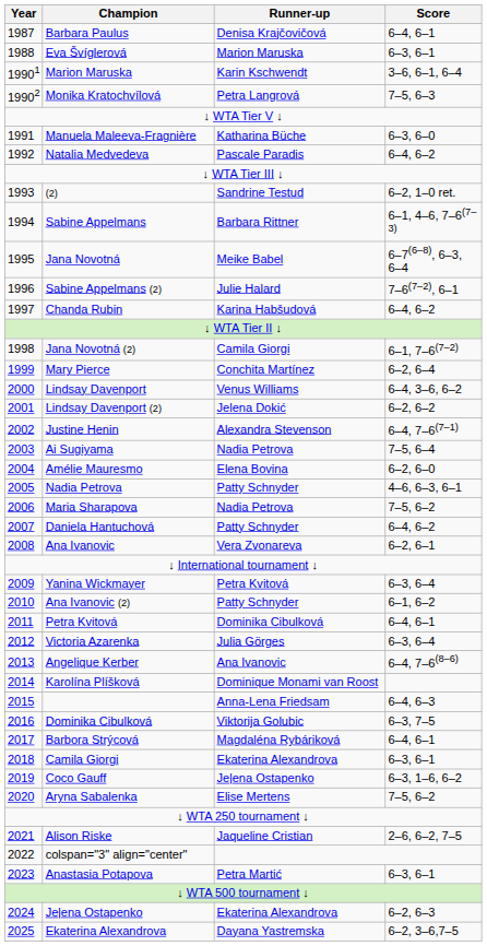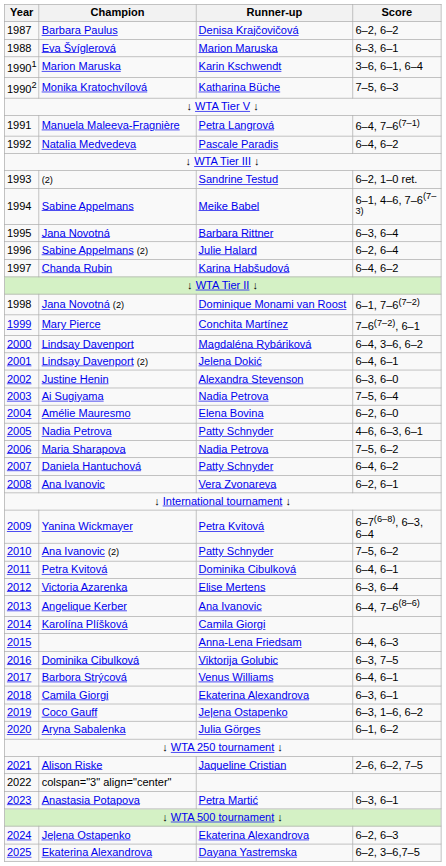 <table class="wikitable">
 <tr>
 <th width=30>Year</th>
 <th width=220>Champion</th>
 <th width=220>Runner-up</th>
 <th width=120>Score</th>
 </tr>
 <tr>
 <td>1987</td>
 <td> <a href='#'>Barbara Paulus</a></td>
 <td> <a href='#'>Denisa Krajčovičová</a></td>
-<td>6–4, 6–1</td>
+<td>6–2, 6–2</td>
 </tr>
 <tr>
 <td>1988</td>
 <td> <a href='#'>Eva Švíglerová</a></td>
 <td> <a href='#'>Marion Maruska</a></td>
 <td>6–3, 6–1</td>
 </tr>
 <tr>
 <td>1990<sup>1</sup></td>
 <td> <a href='#'>Marion Maruska</a></td>
 <td> <a href='#'>Karin Kschwendt</a></td>
 <td>3–6, 6–1, 6–4</td>
 </tr>
 <tr>
 <td>1990<sup>2</sup></td>
 <td> <a href='#'>Monika Kratochvílová</a></td>
-<td> <a href='#'>Petra Langrová</a></td>
+<td> <a href='#'>Katharina Büche</a></td>
 <td>7–5, 6–3</td>
 </tr>
 <tr>
 <td colspan="4" align="center">↓ <a href='#'>WTA Tier V</a> ↓</td>
 </tr>
 <tr>
 <td>1991</td>
 <td> <a href='#'>Manuela Maleeva-Fragnière</a></td>
-<td> <a href='#'>Katharina Büche</a></td>
-<td>6–3, 6–0</td>
+<td> <a href='#'>Petra Langrová</a></td>
+<td>6–4, 7–6<sup>(7–1)</sup></td>
 </tr>
 <tr>
 <td>1992</td>
 <td> <a href='#'>Natalia Medvedeva</a></td>
 <td> <a href='#'>Pascale Paradis</a></td>
 <td>6–4, 6–2</td>
 </tr>
 <tr>
 <td colspan="4" align="center">↓ <a href='#'>WTA Tier III</a> ↓</td>
 </tr>
 <tr>
 <td>1993</td>
 <td><small> (2) </small></td>
 <td> <a href='#'>Sandrine Testud</a></td>
 <td>6–2, 1–0 ret.</td>
 </tr>
 <tr>
 <td>1994</td>
 <td> <a href='#'>Sabine Appelmans</a></td>
-<td> <a href='#'>Barbara Rittner</a></td>
+<td> <a href='#'>Meike Babel</a></td>
 <td>6–1, 4–6, 7–6<sup>(7–3)</sup></td>
 </tr>
 <tr>
 <td>1995</td>
 <td> <a href='#'>Jana Novotná</a></td>
-<td> <a href='#'>Meike Babel</a></td>
-<td>6–7<sup>(6–8)</sup>, 6–3, 6–4</td>
+<td> <a href='#'>Barbara Rittner</a></td>
+<td>6–3, 6–4</td>
 </tr>
 <tr>
 <td>1996</td>
 <td> <a href='#'>Sabine Appelmans</a> <small> (2) </small></td>
 <td> <a href='#'>Julie Halard</a></td>
-<td>7–6<sup>(7–2)</sup>, 6–1</td>
+<td>6–2, 6–4</td>
 </tr>
 <tr>
 <td>1997</td>
 <td> <a href='#'>Chanda Rubin</a></td>
 <td> <a href='#'>Karina Habšudová</a></td>
 <td>6–4, 6–2</td>
 </tr>
 <tr>
 <td colspan=8 style=background:#D4F1C5 align=center>↓ <a href='#'>WTA Tier II</a> ↓</td>
 </tr>
 <tr>
 <td>1998</td>
 <td> <a href='#'>Jana Novotná</a> <small> (2) </small></td>
-<td> <a href='#'>Camila Giorgi</a></td>
+<td> <a href='#'>Dominique Monami van Roost</a></td>
 <td>6–1, 7–6<sup>(7–2)</sup></td>
 </tr>
 <tr>
 <td><a href='#'>1999</a></td>
 <td> <a href='#'>Mary Pierce</a></td>
 <td> <a href='#'>Conchita Martínez</a></td>
-<td>6–2, 6–4</td>
+<td>7–6<sup>(7–2)</sup>, 6–1</td>
 </tr>
 <tr>
 <td><a href='#'>2000</a></td>
 <td> <a href='#'>Lindsay Davenport</a></td>
-<td> <a href='#'>Venus Williams</a></td>
+<td> <a href='#'>Magdaléna Rybáriková</a></td>
 <td>6–4, 3–6, 6–2</td>
 </tr>
 <tr>
 <td><a href='#'>2001</a></td>
 <td> <a href='#'>Lindsay Davenport</a> <small> (2) </small></td>
 <td> <a href='#'>Jelena Dokić</a></td>
-<td>6–2, 6–2</td>
+<td>6–4, 6–1</td>
 </tr>
 <tr>
 <td><a href='#'>2002</a></td>
 <td> <a href='#'>Justine Henin</a></td>
 <td> <a href='#'>Alexandra Stevenson</a></td>
-<td>6–4, 7–6<sup>(7–1)</sup></td>
+<td>6–3, 6–0</td>
 </tr>
 <tr>
 <td><a href='#'>2003</a></td>
 <td> <a href='#'>Ai Sugiyama</a></td>
 <td> <a href='#'>Nadia Petrova</a></td>
 <td>7–5, 6–4</td>
 </tr>
 <tr>
 <td><a href='#'>2004</a></td>
 <td> <a href='#'>Amélie Mauresmo</a></td>
 <td> <a href='#'>Elena Bovina</a></td>
 <td>6–2, 6–0</td>
 </tr>
 <tr>
 <td><a href='#'>2005</a></td>
 <td> <a href='#'>Nadia Petrova</a></td>
 <td> <a href='#'>Patty Schnyder</a></td>
 <td>4–6, 6–3, 6–1</td>
 </tr>
 <tr>
 <td><a href='#'>2006</a></td>
 <td> <a href='#'>Maria Sharapova</a></td>
 <td> <a href='#'>Nadia Petrova</a></td>
 <td>7–5, 6–2</td>
 </tr>
 <tr>
 <td><a href='#'>2007</a></td>
 <td> <a href='#'>Daniela Hantuchová</a></td>
 <td> <a href='#'>Patty Schnyder</a></td>
 <td>6–4, 6–2</td>
 </tr>
 <tr>
 <td><a href='#'>2008</a></td>
 <td> <a href='#'>Ana Ivanovic</a></td>
 <td> <a href='#'>Vera Zvonareva</a></td>
 <td>6–2, 6–1</td>
 </tr>
 <tr>
 <td colspan="4" align="center">↓ <a href='#'>International tournament</a> ↓</td>
 </tr>
 <tr>
 <td><a href='#'>2009</a></td>
 <td> <a href='#'>Yanina Wickmayer</a></td>
 <td> <a href='#'>Petra Kvitová</a></td>
-<td>6–3, 6–4</td>
+<td>6–7<sup>(6–8)</sup>, 6–3, 6–4</td>
 </tr>
 <tr>
 <td><a href='#'>2010</a></td>
 <td> <a href='#'>Ana Ivanovic</a> <small> (2) </small></td>
 <td> <a href='#'>Patty Schnyder</a></td>
-<td>6–1, 6–2</td>
+<td>7–5, 6–2</td>
 </tr>
 <tr>
 <td><a href='#'>2011</a></td>
 <td> <a href='#'>Petra Kvitová</a></td>
 <td> <a href='#'>Dominika Cibulková</a></td>
 <td>6–4, 6–1</td>
 </tr>
 <tr>
 <td><a href='#'>2012</a></td>
 <td> <a href='#'>Victoria Azarenka</a></td>
-<td> <a href='#'>Julia Görges</a></td>
+<td> <a href='#'>Elise Mertens</a></td>
 <td>6–3, 6–4</td>
 </tr>
 <tr>
 <td><a href='#'>2013</a></td>
 <td> <a href='#'>Angelique Kerber</a></td>
 <td> <a href='#'>Ana Ivanovic</a></td>
 <td>6–4, 7–6<sup>(8–6)</sup></td>
 </tr>
 <tr>
 <td><a href='#'>2014</a></td>
 <td> <a href='#'>Karolína Plíšková</a></td>
-<td> <a href='#'>Dominique Monami van Roost</a></td>
+<td> <a href='#'>Camila Giorgi</a></td>
 <td></td>
 </tr>
 <tr>
 <td><a href='#'>2015</a></td>
 <td></td>
 <td> <a href='#'>Anna-Lena Friedsam</a></td>
 <td>6–4, 6–3</td>
 </tr>
 <tr>
 <td><a href='#'>2016</a></td>
 <td> <a href='#'>Dominika Cibulková</a></td>
 <td> <a href='#'>Viktorija Golubic</a></td>
 <td>6–3, 7–5</td>
 </tr>
 <tr>
 <td><a href='#'>2017</a></td>
 <td> <a href='#'>Barbora Strýcová</a></td>
-<td> <a href='#'>Magdaléna Rybáriková</a></td>
+<td> <a href='#'>Venus Williams</a></td>
 <td>6–4, 6–1</td>
 </tr>
 <tr>
 <td><a href='#'>2018</a></td>
 <td> <a href='#'>Camila Giorgi</a></td>
 <td> <a href='#'>Ekaterina Alexandrova</a></td>
 <td>6–3, 6–1</td>
 </tr>
 <tr>
 <td><a href='#'>2019</a></td>
 <td> <a href='#'>Coco Gauff</a></td>
 <td> <a href='#'>Jeļena Ostapenko</a></td>
 <td>6–3, 1–6, 6–2</td>
 </tr>
 <tr>
 <td><a href='#'>2020</a></td>
 <td> <a href='#'>Aryna Sabalenka</a></td>
-<td> <a href='#'>Elise Mertens</a></td>
-<td>7–5, 6–2</td>
+<td> <a href='#'>Julia Görges</a></td>
+<td>6–1, 6–2</td>
 </tr>
 <tr>
 <td colspan="4" align="center">↓ <a href='#'>WTA 250 tournament</a> ↓</td>
 </tr>
 <tr>
 <td><a href='#'>2021</a></td>
 <td> <a href='#'>Alison Riske</a></td>
 <td> <a href='#'>Jaqueline Cristian</a></td>
 <td>2–6, 6–2, 7–5</td>
 </tr>
 <tr>
 <td>2022</td>
 <td>colspan="3" align="center" </td>
 </tr>
 <tr>
 <td><a href='#'>2023</a></td>
 <td> <a href='#'>Anastasia Potapova</a></td>
 <td> <a href='#'>Petra Martić</a></td>
 <td>6–3, 6–1</td>
 </tr>
 <tr>
 <td colspan=8 style=background:#D4F1C5 align=center>↓ <a href='#'>WTA 500 tournament</a> ↓</td>
 </tr>
 <tr>
 <td><a href='#'>2024</a></td>
 <td> <a href='#'>Jeļena Ostapenko</a></td>
 <td> <a href='#'>Ekaterina Alexandrova</a></td>
 <td>6–2, 6–3</td>
 </tr>
 <tr>
 <td><a href='#'>2025</a></td>
 <td> <a href='#'>Ekaterina Alexandrova</a></td>
 <td> <a href='#'>Dayana Yastremska </a></td>
 <td>6–2, 3–6,7–5</td>
 </tr>
 </table>
